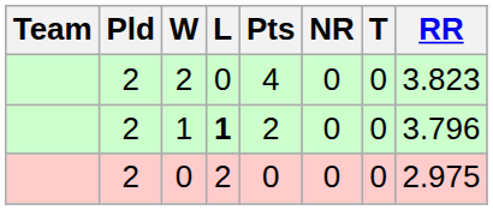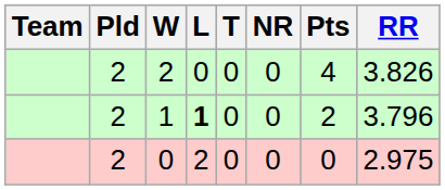 <table class="wikitable" style="text-align:center">
 <tr>
 <th>Team</th>
 <th>Pld</th>
 <th>W</th>
 <th>L</th>
+<th>T</th>
+<th>NR</th>
 <th>Pts</th>
-<th>NR</th>
-<th>T</th>
 <th><a href='#'>RR</a></th>
 </tr>
 <tr style="background:#cfc;">
 <td align=left></td>
 <td>2</td>
 <td>2</td>
 <td>0</td>
-<td>4</td>
 <td>0</td>
 <td>0</td>
-<td>3.823</td>
+<td>4</td>
+<td>3.826</td>
 </tr>
 <tr style="background:#cfc;">
 <td align=left></td>
 <td>2</td>
 <td>1</td>
 <td><strong>1</strong></td>
-<td>2</td>
 <td>0</td>
 <td>0</td>
+<td>2</td>
 <td>3.796</td>
 </tr>
 <tr style="background:#fcc;">
 <td align=left></td>
 <td>2</td>
 <td>0</td>
 <td>2</td>
 <td>0</td>
 <td>0</td>
 <td>0</td>
 <td>2.975</td>
 </tr>
 </table>
